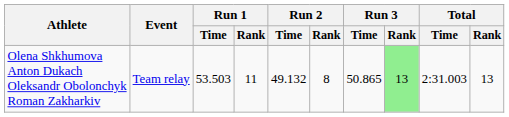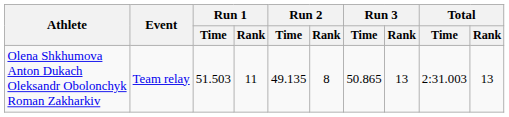 <table class="wikitable" style="font-size:90%">
 <tr>
 <th rowspan="2">Athlete</th>
 <th rowspan="2">Event</th>
 <th colspan=2>Run 1</th>
 <th colspan=2>Run 2</th>
 <th colspan=2>Run 3</th>
 <th colspan=2>Total</th>
 </tr>
 <tr style="font-size:95%">
 <th>Time</th>
 <th>Rank</th>
 <th>Time</th>
 <th>Rank</th>
 <th>Time</th>
 <th>Rank</th>
 <th>Time</th>
 <th>Rank</th>
 </tr>
 <tr align=center>
 <td align=left><a href='#'>Olena Shkhumova</a><br><a href='#'>Anton Dukach</a><br><a href='#'>Oleksandr Obolonchyk</a><br><a href='#'>Roman Zakharkiv</a></td>
 <td align=left><a href='#'>Team relay</a></td>
-<td>53.503</td>
+<td>51.503</td>
 <td>11</td>
-<td>49.132</td>
+<td>49.135</td>
 <td>8</td>
 <td>50.865</td>
-<td style="background: lightgreen;">13</td>
+<td>13</td>
 <td>2:31.003</td>
 <td>13</td>
 </tr>
 </table>
